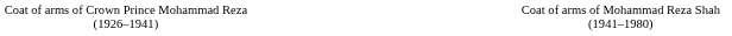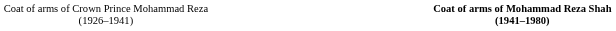 <table border="0" style="margin:auto; width:100%; text-align:center;">
 <tr>
 <th width=20%></th>
 <th width=20%></th>
 </tr>
 <tr>
 <td>Coat of arms of Crown Prince Mohammad Reza<br>(1926–1941)</td>
-<td>Coat of arms of Mohammad Reza Shah<br>(1941–1980)</td>
+<td><strong>Coat of arms of Mohammad Reza Shah<br>(1941–1980)</strong></td>
 </tr>
 </table>
